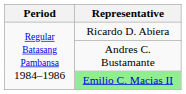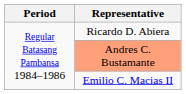 <table class="wikitable" style="text-align:center; width:40%;">
 <tr>
 <th width="40%">Period</th>
 <th>Representative</th>
 </tr>
 <tr>
 <td rowspan="3"><small><a href='#'>Regular Batasang Pambansa</a></small><br>1984–1986</td>
 <td>Ricardo D. Abiera</td>
 </tr>
 <tr>
-<td>Andres C. Bustamante</td>
+<td style="background: lightsalmon;">Andres C. Bustamante</td>
 </tr>
 <tr>
-<td style="background: lightgreen;"><a href='#'>Emilio C. Macias II</a></td>
+<td><a href='#'>Emilio C. Macias II</a></td>
 </tr>
 </table>
